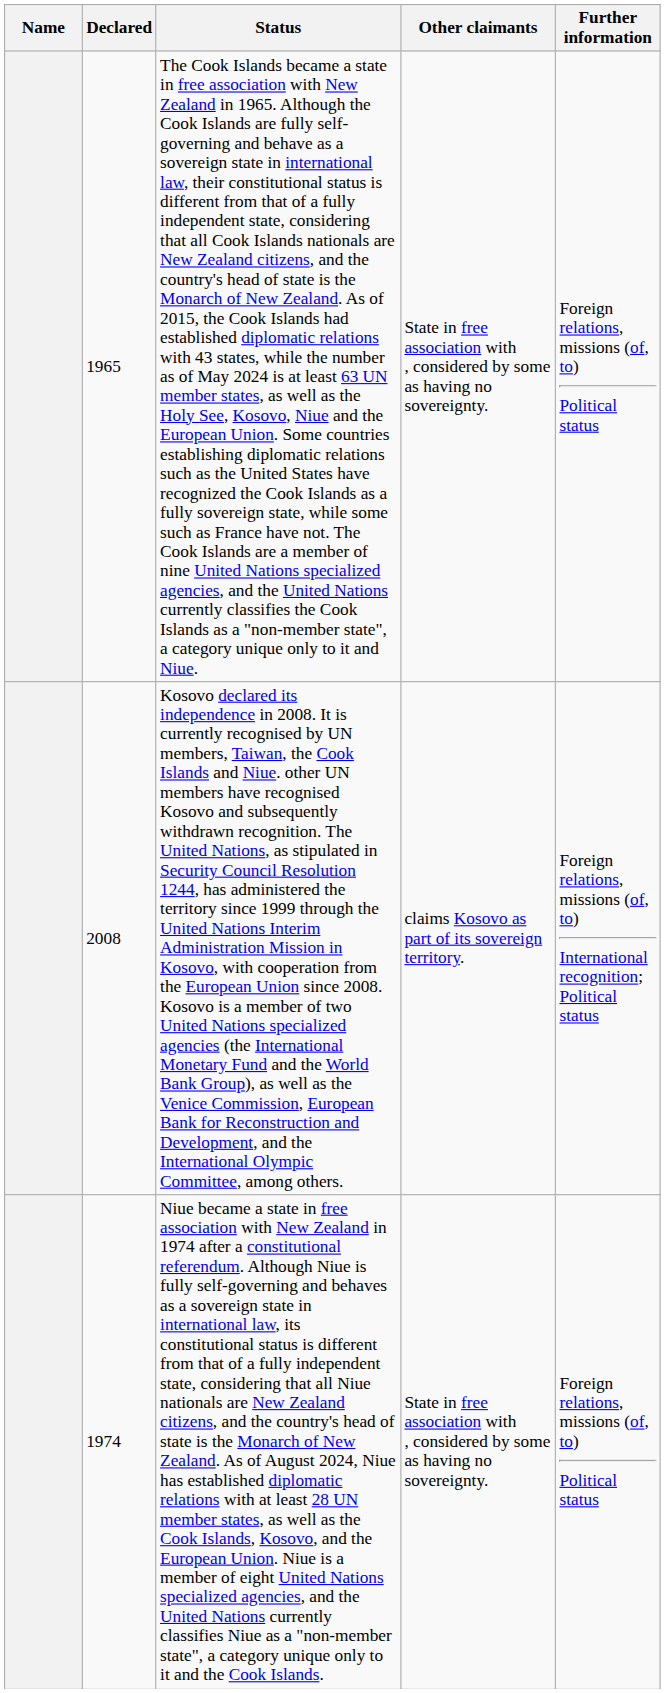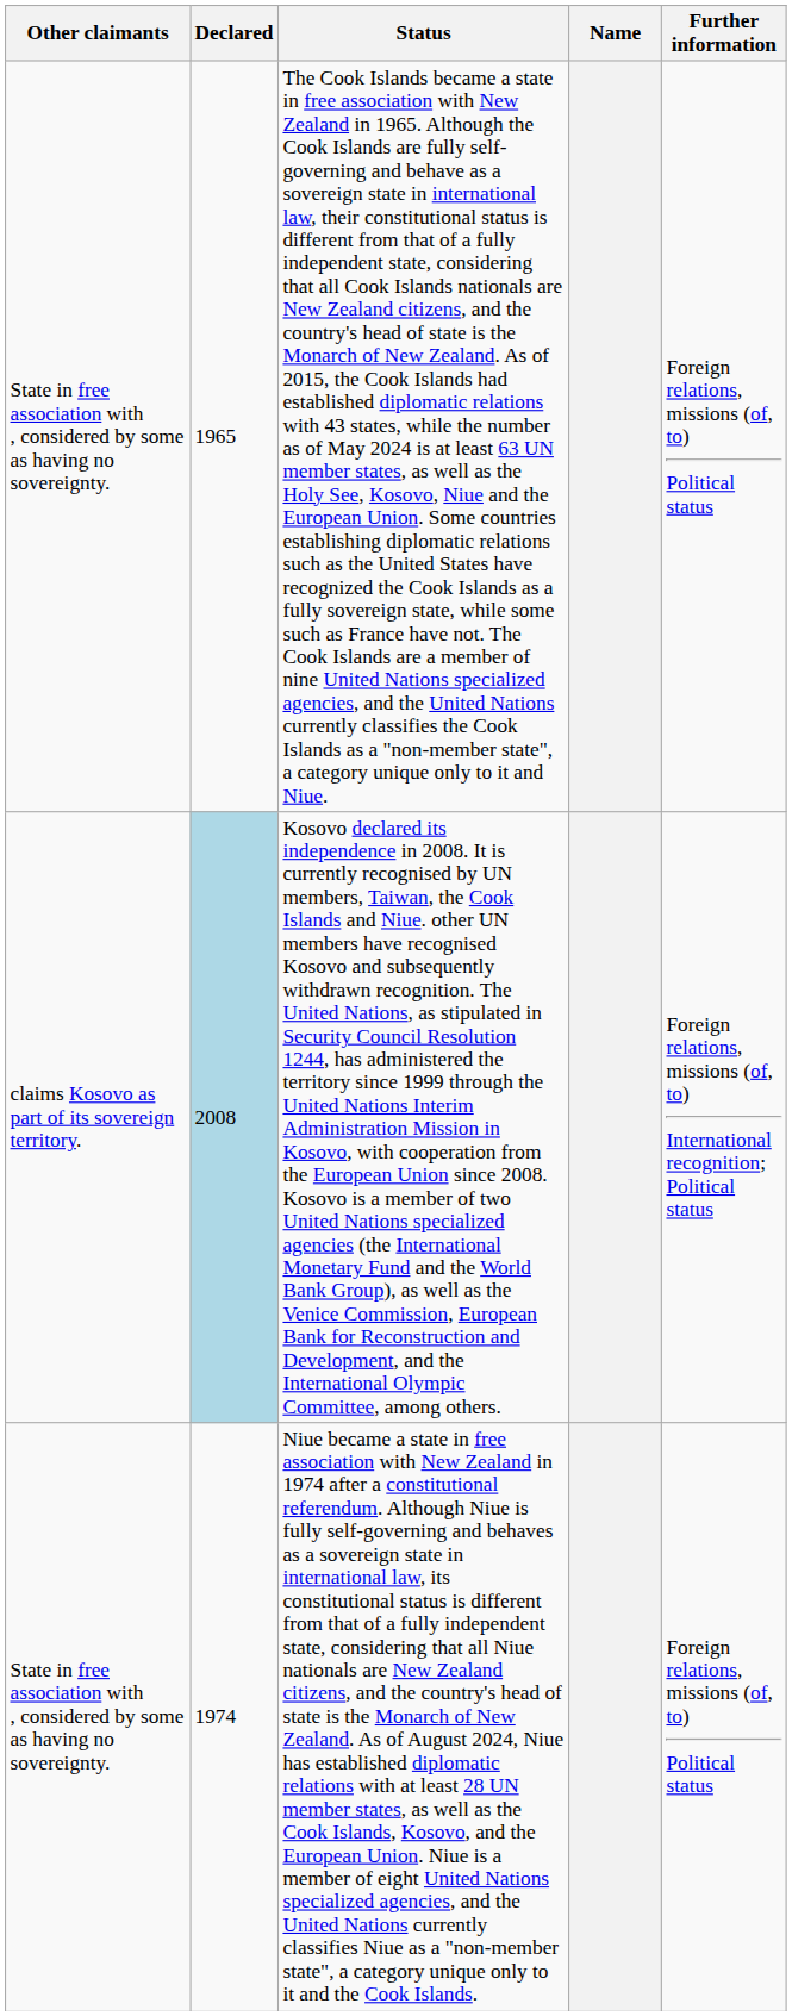 <table class="wikitable sortable">
 <tr>
-<th scope=col style="width:12%;">Name</th>
+<th scope=col style="width:24%;" class=unsortable>Other claimants</th>
 <th scope=col style="width:5%;">Declared</th>
 <th scope=col style="width:38%;" class=unsortable>Status</th>
-<th scope=col style="width:24%;" class=unsortable>Other claimants</th>
+<th scope=col style="width:12%;">Name</th>
 <th scope=col style="width:16%;" class=unsortable>Further information</th>
 </tr>
 <tr>
-<th scope=row></th>
+<td>State in <a href='#'>free association</a> with<br>, considered by some as having no sovereignty.</td>
 <td>1965</td>
 <td>The Cook Islands became a state in <a href='#'>free association</a> with <a href='#'>New Zealand</a> in 1965. Although the Cook Islands are fully self-governing and behave as a sovereign state in <a href='#'>international law</a>, their constitutional status is different from that of a fully independent state, considering that all Cook Islands nationals are <a href='#'>New Zealand citizens</a>, and the country's head of state is the <a href='#'>Monarch of New Zealand</a>. As of 2015, the Cook Islands had established <a href='#'>diplomatic relations</a> with 43 states, while the number as of May 2024 is at least <a href='#'>63 UN member states</a>, as well as the <a href='#'>Holy See</a>, <a href='#'>Kosovo</a>, <a href='#'>Niue</a> and the <a href='#'>European Union</a>. Some countries establishing diplomatic relations such as the United States have recognized the Cook Islands as a fully sovereign state, while some such as France have not. The Cook Islands are a member of nine <a href='#'>United Nations specialized agencies</a>, and the <a href='#'>United Nations</a> currently classifies the Cook Islands as a "non-member state", a category unique only to it and <a href='#'>Niue</a>.</td>
-<td>State in <a href='#'>free association</a> with<br>, considered by some as having no sovereignty.</td>
+<th scope=row></th>
 <td>Foreign <a href='#'>relations</a>, missions (<a href='#'>of</a>, <a href='#'>to</a>) <hr> <a href='#'>Political status</a></td>
 </tr>
 <tr>
+<td> claims <a href='#'>Kosovo as part of its sovereign territory</a>.</td>
+<td style="background: lightblue;">2008</td>
+<td>Kosovo <a href='#'>declared its independence</a> in 2008. It is currently recognised by <a href='#'></a> UN members, <a href='#'>Taiwan</a>, the <a href='#'>Cook Islands</a> and <a href='#'>Niue</a>.  other UN members have recognised Kosovo and subsequently withdrawn recognition. The <a href='#'>United Nations</a>, as stipulated in <a href='#'>Security Council Resolution 1244</a>, has administered the territory since 1999 through the <a href='#'>United Nations Interim Administration Mission in Kosovo</a>, with cooperation from the <a href='#'>European Union</a> since 2008. Kosovo is a member of two <a href='#'>United Nations specialized agencies</a> (the <a href='#'>International Monetary Fund</a> and the <a href='#'>World Bank Group</a>), as well as the <a href='#'>Venice Commission</a>, <a href='#'>European Bank for Reconstruction and Development</a>, and the <a href='#'>International Olympic Committee</a>, among others.</td>
 <th scope=row></th>
-<td>2008</td>
-<td>Kosovo <a href='#'>declared its independence</a> in 2008. It is currently recognised by <a href='#'></a> UN members, <a href='#'>Taiwan</a>, the <a href='#'>Cook Islands</a> and <a href='#'>Niue</a>.  other UN members have recognised Kosovo and subsequently withdrawn recognition. The <a href='#'>United Nations</a>, as stipulated in <a href='#'>Security Council Resolution 1244</a>, has administered the territory since 1999 through the <a href='#'>United Nations Interim Administration Mission in Kosovo</a>, with cooperation from the <a href='#'>European Union</a> since 2008. Kosovo is a member of two <a href='#'>United Nations specialized agencies</a> (the <a href='#'>International Monetary Fund</a> and the <a href='#'>World Bank Group</a>), as well as the <a href='#'>Venice Commission</a>, <a href='#'>European Bank for Reconstruction and Development</a>, and the <a href='#'>International Olympic Committee</a>, among others.</td>
-<td> claims <a href='#'>Kosovo as part of its sovereign territory</a>.</td>
 <td>Foreign <a href='#'>relations</a>, missions (<a href='#'>of</a>, <a href='#'>to</a>)<hr> <a href='#'>International recognition</a>; <a href='#'>Political status</a></td>
 </tr>
 <tr>
-<th scope=row></th>
+<td>State in <a href='#'>free association</a> with<br>, considered by some as having no sovereignty.</td>
 <td>1974</td>
 <td>Niue became a state in <a href='#'>free association</a> with <a href='#'>New Zealand</a> in 1974 after a <a href='#'>constitutional referendum</a>. Although Niue is fully self-governing and behaves as a sovereign state in <a href='#'>international law</a>, its constitutional status is different from that of a fully independent state, considering that all Niue nationals are <a href='#'>New Zealand citizens</a>, and the country's head of state is the <a href='#'>Monarch of New Zealand</a>. As of August 2024, Niue has established <a href='#'>diplomatic relations</a> with at least <a href='#'>28 UN member states</a>, as well as the <a href='#'>Cook Islands</a>, <a href='#'>Kosovo</a>, and the <a href='#'>European Union</a>. Niue is a member of eight <a href='#'>United Nations specialized agencies</a>, and the <a href='#'>United Nations</a> currently classifies Niue as a "non-member state", a category unique only to it and the <a href='#'>Cook Islands</a>.</td>
-<td>State in <a href='#'>free association</a> with<br>, considered by some as having no sovereignty.</td>
+<th scope=row></th>
 <td>Foreign <a href='#'>relations</a>, missions (<a href='#'>of</a>, <a href='#'>to</a>) <hr> <a href='#'>Political status</a></td>
 </tr>
 </table>
